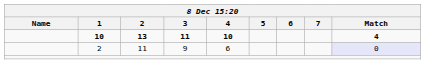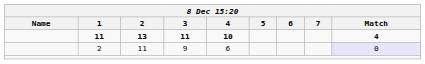 <table class=wikitable style="text-align:center; width: 55%">
 <tr>
 <th colspan=17><em> 8 Dec 15:20</em></th>
 </tr>
 <tr>
 <th>Name</th>
 <th>1</th>
 <th>2</th>
 <th>3</th>
 <th>4</th>
 <th>5</th>
 <th>6</th>
 <th>7</th>
 <th>Match</th>
 </tr>
 <tr>
 <td style="text-align:left;"><strong></strong></td>
-<td><strong>10</strong></td>
+<td><strong>11</strong></td>
 <td><strong>13</strong></td>
 <td><strong>11</strong></td>
 <td><strong>10</strong></td>
 <td></td>
 <td></td>
 <td></td>
 <td><strong>4</strong></td>
 </tr>
 <tr>
 <td style="text-align:left;"></td>
 <td>2</td>
 <td>11</td>
 <td>9</td>
 <td>6</td>
 <td></td>
 <td></td>
 <td></td>
 <td style="background: lavender;">0</td>
 </tr>
 <tr>
 <td colspan=17></td>
 </tr>
 </table>
